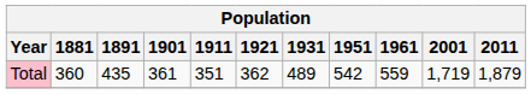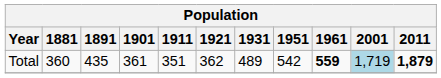 <table class="wikitable" style="margin: 1em auto 1em auto;">
 <tr>
 <th colspan="17">Population</th>
 </tr>
 <tr>
 <th>Year</th>
 <th>1881</th>
 <th>1891</th>
 <th>1901</th>
 <th>1911</th>
 <th>1921</th>
 <th>1931</th>
 <th>1951</th>
 <th>1961</th>
 <th>2001</th>
 <th>2011</th>
 </tr>
 <tr>
-<td style="background: pink;">Total</td>
+<td>Total</td>
 <td>360</td>
 <td>435</td>
 <td>361</td>
 <td>351</td>
 <td>362</td>
 <td>489</td>
 <td>542</td>
-<td>559</td>
-<td>1,719</td>
-<td>1,879</td>
+<td><strong>559</strong></td>
+<td style="background: lightblue;">1,719</td>
+<td><strong>1,879</strong></td>
 </tr>
 <tr>
 </tr>
 </table>
